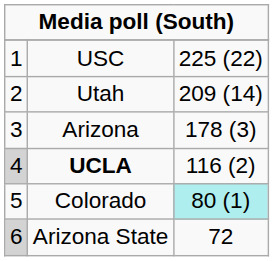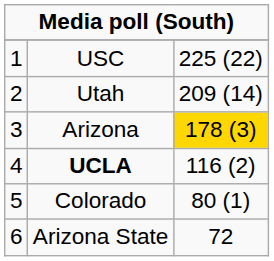 <table class="wikitable">
 <tr align="center">
 <td align="center" Colspan="3"><strong>Media poll (South)</strong></td>
 </tr>
 <tr align="center">
 </tr>
 <tr align="center">
 <td>1</td>
 <td>USC</td>
 <td>225 (22)</td>
 </tr>
 <tr align="center">
 <td>2</td>
 <td>Utah</td>
 <td>209 (14)</td>
 </tr>
 <tr align="center">
 <td>3</td>
 <td>Arizona</td>
-<td>178 (3)</td>
+<td style="background: gold;">178 (3)</td>
 </tr>
 <tr align="center">
-<td style="background: lightgrey;">4</td>
+<td>4</td>
 <td><strong>UCLA</strong></td>
 <td>116 (2)</td>
 </tr>
 <tr align="center">
 <td>5</td>
 <td>Colorado</td>
-<td style="background: paleturquoise;">80 (1)</td>
+<td>80 (1)</td>
 </tr>
 <tr align="center">
-<td style="background: lightgrey;">6</td>
+<td>6</td>
 <td>Arizona State</td>
 <td>72</td>
 </tr>
 </table>
